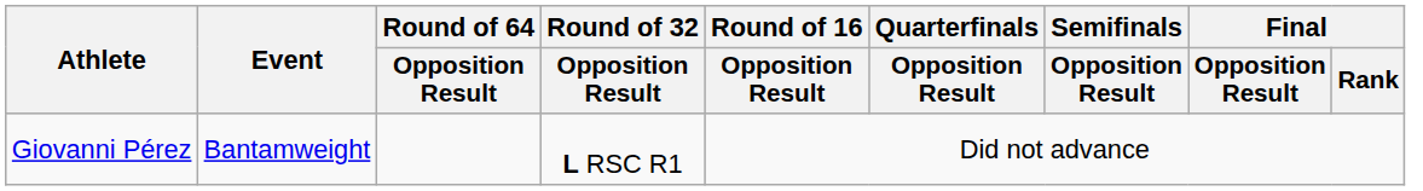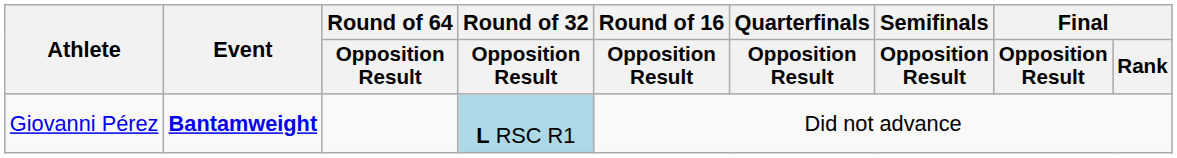 <table class="wikitable" style="font-size:90%">
 <tr>
 <th rowspan="2">Athlete</th>
 <th rowspan="2">Event</th>
 <th>Round of 64</th>
 <th>Round of 32</th>
 <th>Round of 16</th>
 <th>Quarterfinals</th>
 <th>Semifinals</th>
 <th colspan=2>Final</th>
 </tr>
 <tr style="font-size:95%">
 <th>Opposition<br>Result</th>
 <th>Opposition<br>Result</th>
 <th>Opposition<br>Result</th>
 <th>Opposition<br>Result</th>
 <th>Opposition<br>Result</th>
 <th>Opposition<br>Result</th>
 <th>Rank</th>
 </tr>
 <tr align=center>
 <td align=left><a href='#'>Giovanni Pérez</a></td>
-<td align=left><a href='#'>Bantamweight</a></td>
+<td align=left><strong><a href='#'>Bantamweight</a></strong></td>
 <td></td>
-<td><br><strong>L</strong> RSC R1</td>
+<td style="background: lightblue;"><br><strong>L</strong> RSC R1</td>
 <td colspan=5>Did not advance</td>
 </tr>
 </table>
